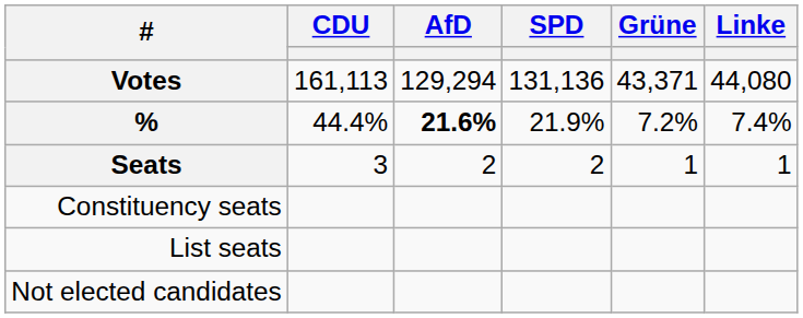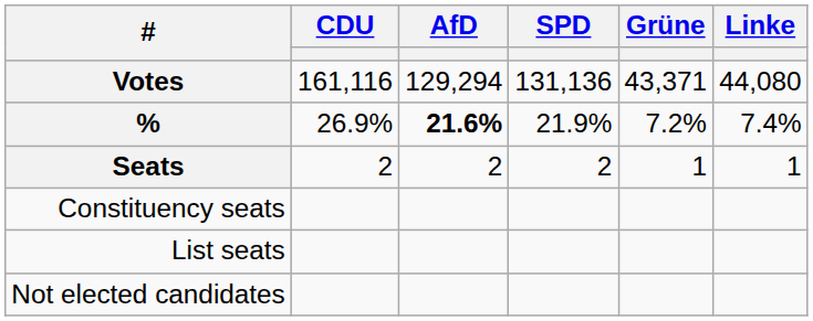 <table class="wikitable" style="text-align:right;vertical-align:top">
 <tr>
 <th rowspan="2">#</th>
 <th class="wikitable sortable"><a href='#'>CDU</a></th>
 <th class="wikitable sortable"><a href='#'>AfD</a></th>
 <th class="wikitable sortable"><a href='#'>SPD</a></th>
 <th class="wikitable sortable"><a href='#'>Grüne</a></th>
 <th class="wikitable sortable"><a href='#'>Linke</a></th>
 </tr>
 <tr>
 <th class="wikitable sortable" style="background:"></th>
 <th class="wikitable sortable" style="background:"></th>
 <th class="wikitable sortable" style="background:"></th>
 <th class="wikitable sortable" style="background:"></th>
 <th class="wikitable sortable" style="background:"></th>
 </tr>
 <tr>
 <th>Votes</th>
-<td>161,113</td>
+<td>161,116</td>
 <td>129,294</td>
 <td>131,136</td>
 <td>43,371</td>
 <td>44,080</td>
 </tr>
 <tr>
 <th>%</th>
-<td>44.4%</td>
+<td>26.9%</td>
 <td><strong>21.6%</strong></td>
 <td>21.9%</td>
 <td>7.2%</td>
 <td>7.4%</td>
 </tr>
 <tr>
 <th>Seats</th>
-<td>3</td>
+<td>2</td>
 <td>2</td>
 <td>2</td>
 <td>1</td>
 <td>1</td>
 </tr>
 <tr style="vertical-align:top">
 <td>Constituency seats</td>
 <td></td>
 <td></td>
 <td></td>
 <td></td>
 <td></td>
 </tr>
 <tr style="vertical-align:top">
 <td>List seats</td>
 <td></td>
 <td></td>
 <td></td>
 <td></td>
 <td></td>
 </tr>
 <tr style="vertical-align:top">
 <td>Not elected candidates</td>
 <td><div><br>  </div></td>
 <td><div><br> </div></td>
 <td><div><br> </div></td>
 <td><div><br> </div></td>
 <td><div><br> </div></td>
 </tr>
 </table>
